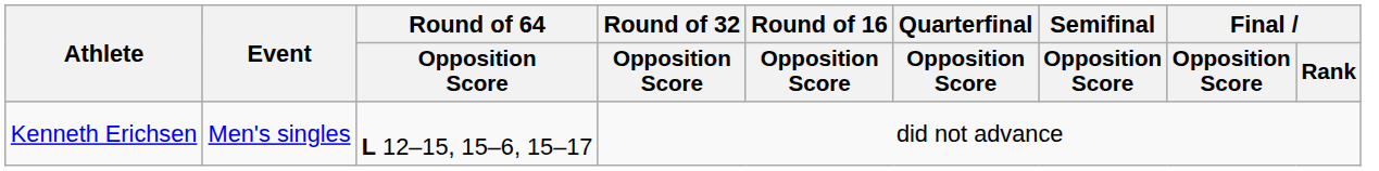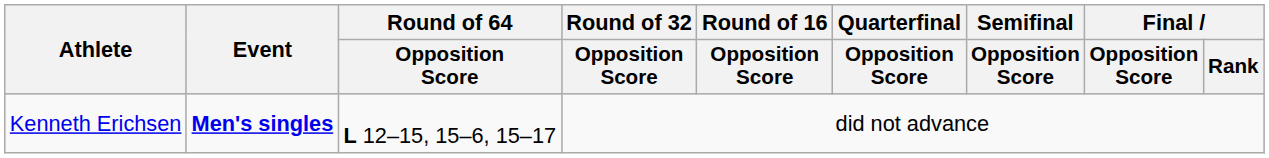 <table class=wikitable style=font-size:90%;text-align:center>
 <tr>
 <th rowspan=2>Athlete</th>
 <th rowspan=2>Event</th>
 <th>Round of 64</th>
 <th>Round of 32</th>
 <th>Round of 16</th>
 <th>Quarterfinal</th>
 <th>Semifinal</th>
 <th colspan=2>Final / </th>
 </tr>
 <tr style=font-size:95%>
 <th>Opposition<br>Score</th>
 <th>Opposition<br>Score</th>
 <th>Opposition<br>Score</th>
 <th>Opposition<br>Score</th>
 <th>Opposition<br>Score</th>
 <th>Opposition<br>Score</th>
 <th>Rank</th>
 </tr>
 <tr>
 <td align=left><a href='#'>Kenneth Erichsen</a></td>
-<td align=left><a href='#'>Men's singles</a></td>
+<td align=left><strong><a href='#'>Men's singles</a></strong></td>
 <td><br><strong>L</strong> 12–15, 15–6, 15–17</td>
 <td colspan=6>did not advance</td>
 </tr>
 </table>
